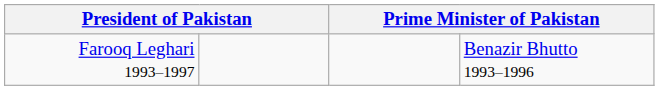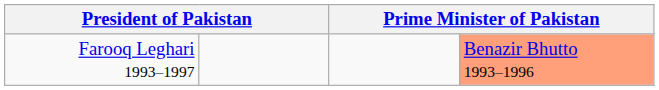 <table class="wikitable">
 <tr>
 <th colspan="2" width="270"><a href='#'>President of Pakistan</a></th>
 <th colspan="2" width="270"><a href='#'>Prime Minister of Pakistan</a></th>
 </tr>
 <tr>
 <td align="right"><a href='#'>Farooq Leghari</a><br><small>1993–1997</small></td>
 <td align="center" width="104"></td>
 <td align="center" width="104"></td>
-<td align="left"><a href='#'>Benazir Bhutto</a><br><small>1993–1996</small></td>
+<td align="left" style="background: lightsalmon;"><a href='#'>Benazir Bhutto</a><br><small>1993–1996</small></td>
 </tr>
 </table>
